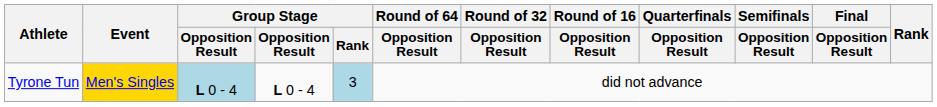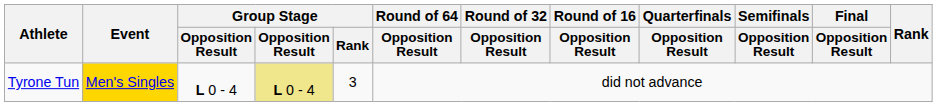 <table class="wikitable" style="font-size:90%">
 <tr>
 <th rowspan=2>Athlete</th>
 <th rowspan=2>Event</th>
 <th colspan=3>Group Stage</th>
 <th>Round of 64</th>
 <th>Round of 32</th>
 <th>Round of 16</th>
 <th>Quarterfinals</th>
 <th>Semifinals</th>
 <th>Final</th>
 <th rowspan=2>Rank</th>
 </tr>
 <tr style="font-size:95%">
 <th>Opposition<br>Result</th>
 <th>Opposition<br>Result</th>
 <th>Rank</th>
 <th>Opposition<br>Result</th>
 <th>Opposition<br>Result</th>
 <th>Opposition<br>Result</th>
 <th>Opposition<br>Result</th>
 <th>Opposition<br>Result</th>
 <th>Opposition<br>Result</th>
 </tr>
 <tr align=center>
 <td align=left><a href='#'>Tyrone Tun</a></td>
 <td align=left style="background: gold;"><a href='#'>Men's Singles</a></td>
-<td style="background: lightblue;"><br><strong>L</strong> 0 - 4</td>
 <td><br><strong>L</strong> 0 - 4</td>
-<td style="background: lightblue;">3</td>
+<td style="background: khaki;"><br><strong>L</strong> 0 - 4</td>
+<td>3</td>
 <td colspan=7>did not advance</td>
 </tr>
 </table>
